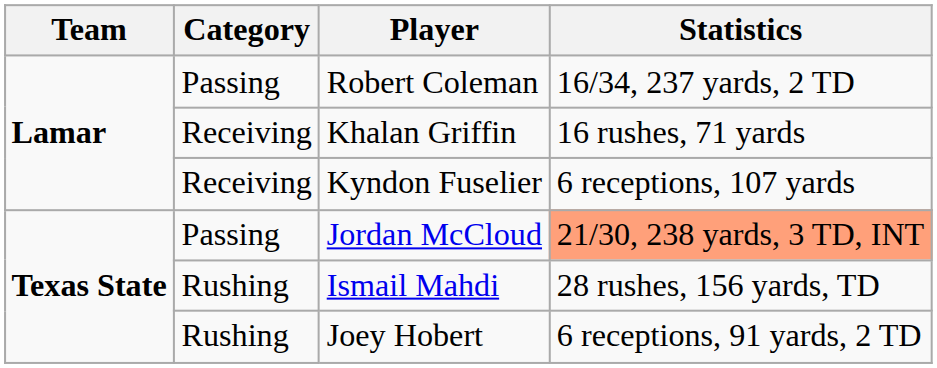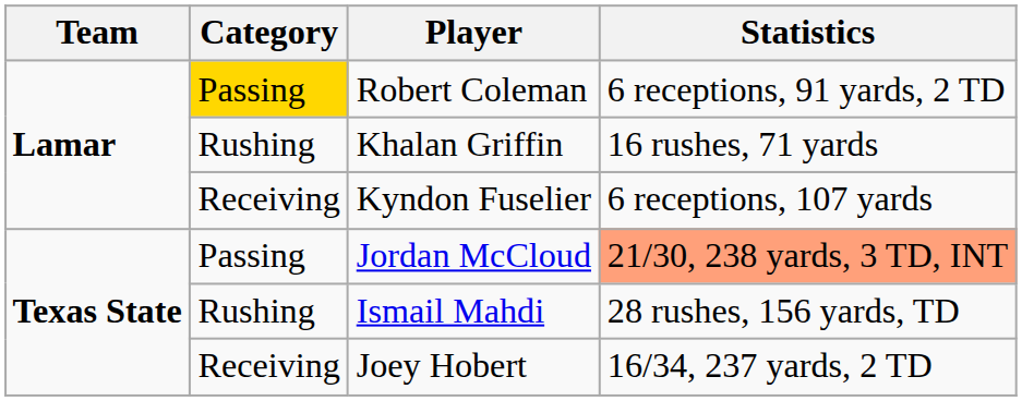 <table class="wikitable" style="float: right;">
 <tr>
 <th>Team</th>
 <th>Category</th>
 <th>Player</th>
 <th>Statistics</th>
 </tr>
 <tr>
 <td rowspan=3><strong>Lamar</strong></td>
-<td>Passing</td>
+<td style="background: gold;">Passing</td>
 <td>Robert Coleman</td>
-<td>16/34, 237 yards, 2 TD</td>
+<td>6 receptions, 91 yards, 2 TD</td>
 </tr>
 <tr>
-<td>Receiving</td>
+<td>Rushing</td>
 <td>Khalan Griffin</td>
 <td>16 rushes, 71 yards</td>
 </tr>
 <tr>
 <td>Receiving</td>
 <td>Kyndon Fuselier</td>
 <td>6 receptions, 107 yards</td>
 </tr>
 <tr>
 <td rowspan=3><strong>Texas State</strong></td>
 <td>Passing</td>
 <td><a href='#'>Jordan McCloud</a></td>
 <td style="background: lightsalmon;">21/30, 238 yards, 3 TD, INT</td>
 </tr>
 <tr>
 <td>Rushing</td>
 <td><a href='#'>Ismail Mahdi</a></td>
 <td>28 rushes, 156 yards, TD</td>
 </tr>
 <tr>
-<td>Rushing</td>
+<td>Receiving</td>
 <td>Joey Hobert</td>
-<td>6 receptions, 91 yards, 2 TD</td>
+<td>16/34, 237 yards, 2 TD</td>
 </tr>
 </table>
